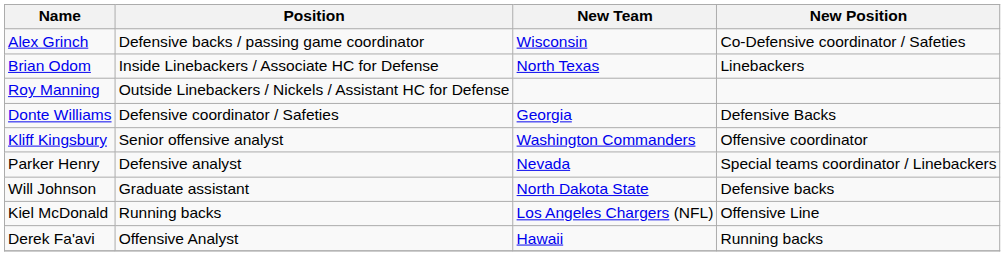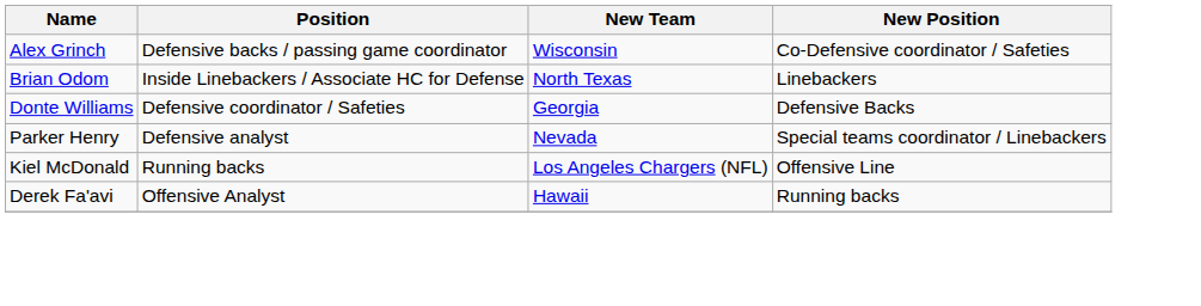 <table class="wikitable">
 <tr>
 <th style="text-align:center; ">Name</th>
 <th style="text-align:center; ">Position</th>
 <th style="text-align:center; ">New Team</th>
 <th style="text-align:center; ">New Position</th>
 </tr>
 <tr>
 <td><a href='#'>Alex Grinch</a></td>
 <td>Defensive backs / passing game coordinator</td>
 <td><a href='#'>Wisconsin</a></td>
 <td>Co-Defensive coordinator / Safeties</td>
 </tr>
 <tr>
 <td><a href='#'>Brian Odom</a></td>
 <td>Inside Linebackers / Associate HC for Defense</td>
 <td><a href='#'>North Texas</a></td>
 <td>Linebackers</td>
 </tr>
 <tr>
-<td><a href='#'>Roy Manning</a></td>
-<td>Outside Linebackers / Nickels / Assistant HC for Defense</td>
-<td></td>
-<td></td>
-</tr>
-<tr>
 <td><a href='#'>Donte Williams</a></td>
 <td>Defensive coordinator / Safeties</td>
 <td><a href='#'>Georgia</a></td>
 <td>Defensive Backs</td>
 </tr>
 <tr>
-<td><a href='#'>Kliff Kingsbury</a></td>
-<td>Senior offensive analyst</td>
-<td><a href='#'>Washington Commanders</a></td>
-<td>Offensive coordinator</td>
-</tr>
-<tr>
 <td>Parker Henry</td>
 <td>Defensive analyst</td>
 <td><a href='#'>Nevada</a></td>
 <td>Special teams coordinator / Linebackers</td>
-</tr>
-<tr>
-<td>Will Johnson</td>
-<td>Graduate assistant</td>
-<td><a href='#'>North Dakota State</a></td>
-<td>Defensive backs</td>
 </tr>
 <tr>
 <td>Kiel McDonald</td>
 <td>Running backs</td>
 <td><a href='#'>Los Angeles Chargers</a> (NFL)</td>
 <td>Offensive Line</td>
 </tr>
 <tr>
 <td>Derek Fa'avi</td>
 <td>Offensive Analyst</td>
 <td><a href='#'>Hawaii</a></td>
 <td>Running backs</td>
 </tr>
 <tr>
 </tr>
 </table>
